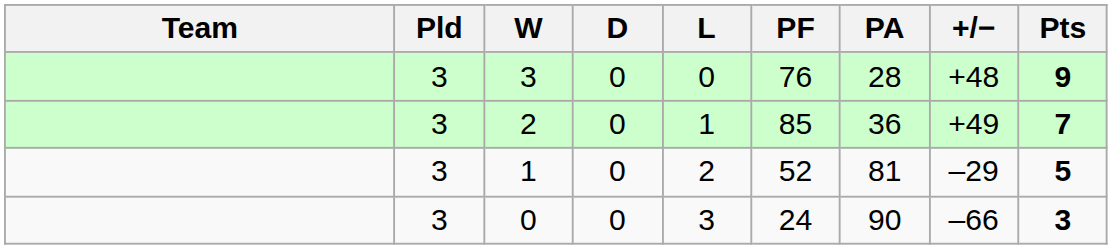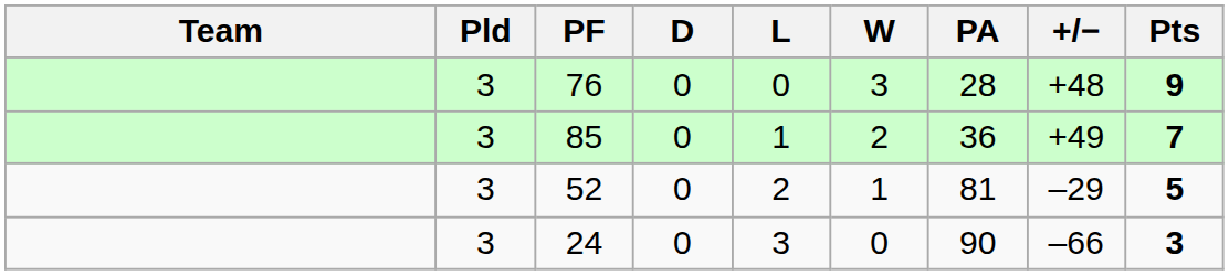 <table class="wikitable" style="text-align:center">
 <tr>
 <th width="200">Team</th>
 <th width="40">Pld</th>
-<th width="40">W</th>
+<th width="40">PF</th>
 <th width="40">D</th>
 <th width="40">L</th>
-<th width="40">PF</th>
+<th width="40">W</th>
 <th width="40">PA</th>
 <th width="40">+/−</th>
 <th width="40">Pts</th>
 </tr>
 <tr style="background:#cfc">
 <td align=left></td>
 <td>3</td>
-<td>3</td>
+<td>76</td>
 <td>0</td>
 <td>0</td>
-<td>76</td>
+<td>3</td>
 <td>28</td>
 <td>+48</td>
 <td><strong>9</strong></td>
 </tr>
 <tr style="background:#cfc">
 <td align=left></td>
 <td>3</td>
-<td>2</td>
+<td>85</td>
 <td>0</td>
 <td>1</td>
-<td>85</td>
+<td>2</td>
 <td>36</td>
 <td>+49</td>
 <td><strong>7</strong></td>
 </tr>
 <tr>
 <td align=left></td>
 <td>3</td>
-<td>1</td>
+<td>52</td>
 <td>0</td>
 <td>2</td>
-<td>52</td>
+<td>1</td>
 <td>81</td>
 <td>–29</td>
 <td><strong>5</strong></td>
 </tr>
 <tr>
 <td align=left></td>
 <td>3</td>
-<td>0</td>
+<td>24</td>
 <td>0</td>
 <td>3</td>
-<td>24</td>
+<td>0</td>
 <td>90</td>
 <td>–66</td>
 <td><strong>3</strong></td>
 </tr>
 </table>
